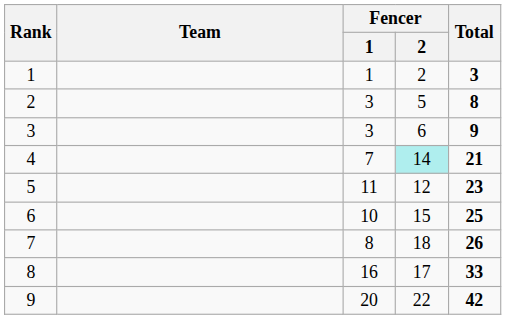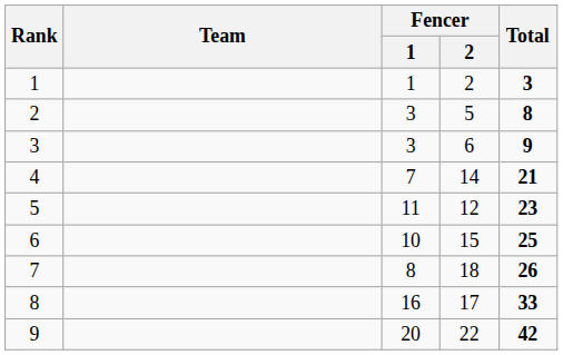 <table class=wikitable style="text-align:center">
 <tr>
 <th rowspan=2 width=40>Rank</th>
 <th rowspan=2 width=250>Team</th>
 <th colspan=2>Fencer</th>
 <th rowspan=2 width=40>Total</th>
 </tr>
 <tr>
 <th width=40>1</th>
 <th width=40>2</th>
 </tr>
 <tr>
 <td>1</td>
 <td align=left></td>
 <td>1</td>
 <td>2</td>
 <td><strong>3</strong></td>
 </tr>
 <tr>
 <td>2</td>
 <td align=left></td>
 <td>3</td>
 <td>5</td>
 <td><strong>8</strong></td>
 </tr>
 <tr>
 <td>3</td>
 <td align=left></td>
 <td>3</td>
 <td>6</td>
 <td><strong>9</strong></td>
 </tr>
 <tr>
 <td>4</td>
 <td align=left></td>
 <td>7</td>
-<td style="background: paleturquoise;">14</td>
+<td>14</td>
 <td><strong>21</strong></td>
 </tr>
 <tr>
 <td>5</td>
 <td align=left></td>
 <td>11</td>
 <td>12</td>
 <td><strong>23</strong></td>
 </tr>
 <tr>
 <td>6</td>
 <td align=left></td>
 <td>10</td>
 <td>15</td>
 <td><strong>25</strong></td>
 </tr>
 <tr>
 <td>7</td>
 <td align=left></td>
 <td>8</td>
 <td>18</td>
 <td><strong>26</strong></td>
 </tr>
 <tr>
 <td>8</td>
 <td align=left></td>
 <td>16</td>
 <td>17</td>
 <td><strong>33</strong></td>
 </tr>
 <tr>
 <td>9</td>
 <td align=left></td>
 <td>20</td>
 <td>22</td>
 <td><strong>42</strong></td>
 </tr>
 </table>
